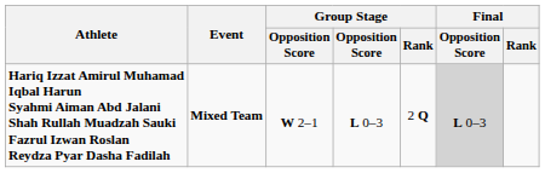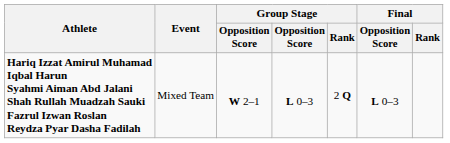 <table class="wikitable" style="font-size:90%">
 <tr>
 <th rowspan="2">Athlete</th>
 <th rowspan="2">Event</th>
 <th colspan="3">Group Stage</th>
 <th colspan="2">Final</th>
 </tr>
 <tr style="font-size:95%">
 <th>Opposition<br>Score</th>
 <th>Opposition<br>Score</th>
 <th>Rank</th>
 <th>Opposition<br>Score</th>
 <th>Rank</th>
 </tr>
 <tr align="center">
 <td align="left"><strong>Hariq Izzat Amirul Muhamad<br>Iqbal Harun<br>Syahmi Aiman Abd Jalani<br>Shah Rullah Muadzah Sauki<br>Fazrul Izwan Roslan<br>Reydza Pyar Dasha Fadilah</strong></td>
-<td align="left"><strong>Mixed Team</strong></td>
+<td align="left">Mixed Team</td>
 <td> <br><strong>W</strong> 2–1</td>
 <td> <br><strong>L</strong> 0–3</td>
 <td>2 <strong>Q</strong></td>
-<td style="background: lightgrey;"> <br><strong>L</strong> 0–3</td>
+<td> <br><strong>L</strong> 0–3</td>
 <td></td>
 </tr>
 </table>
